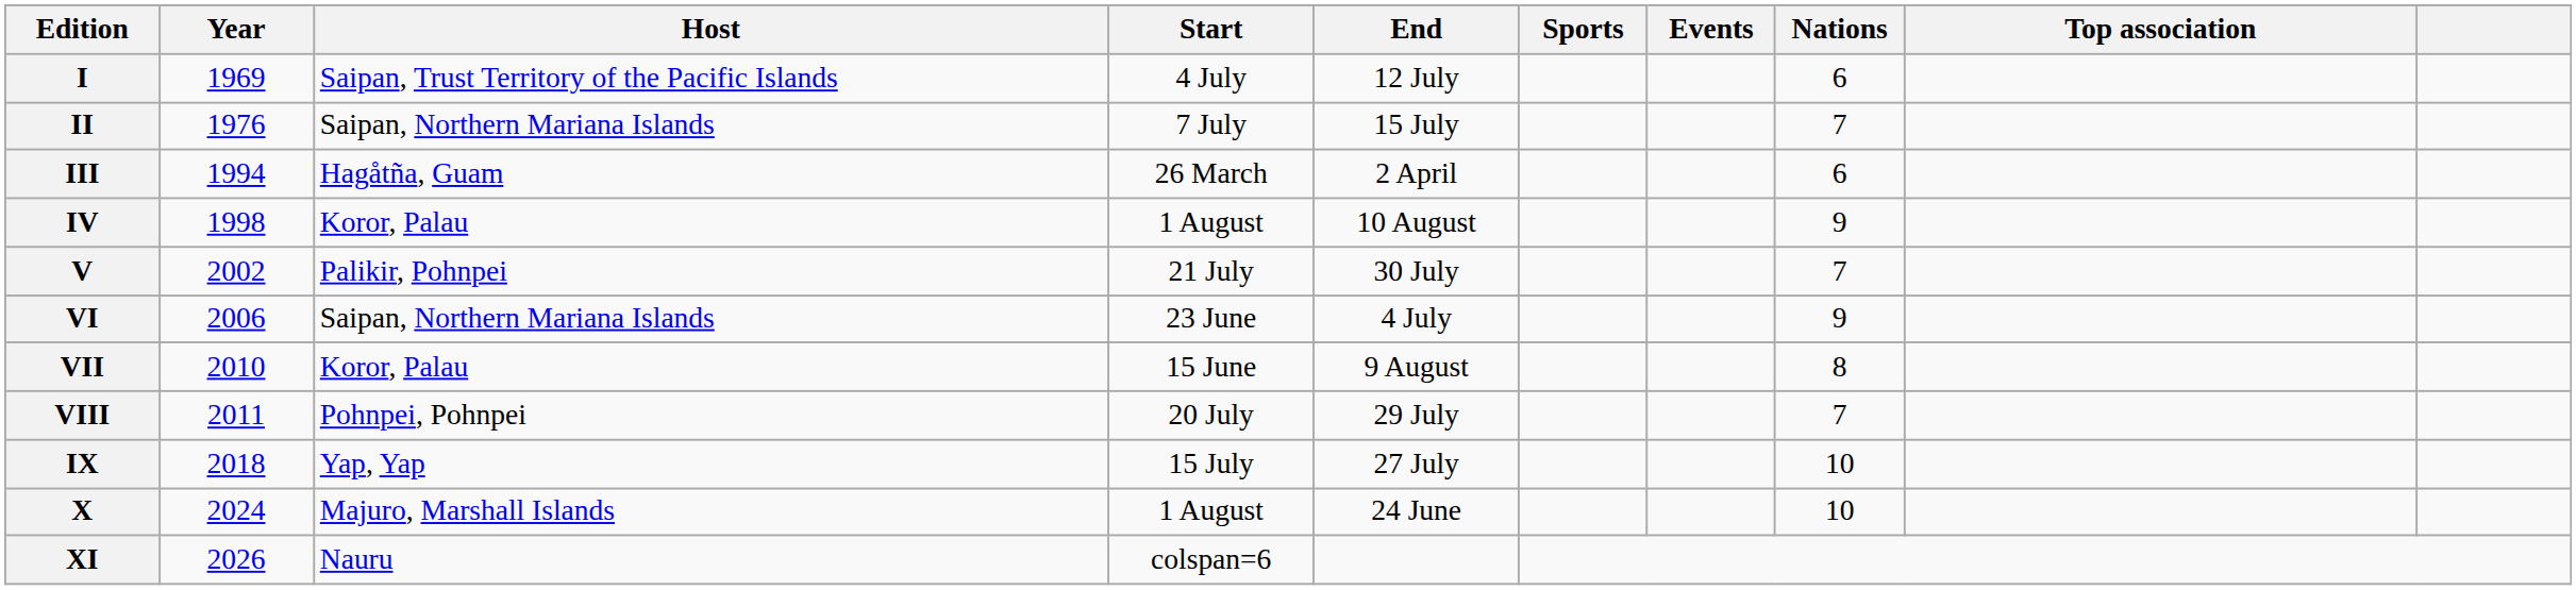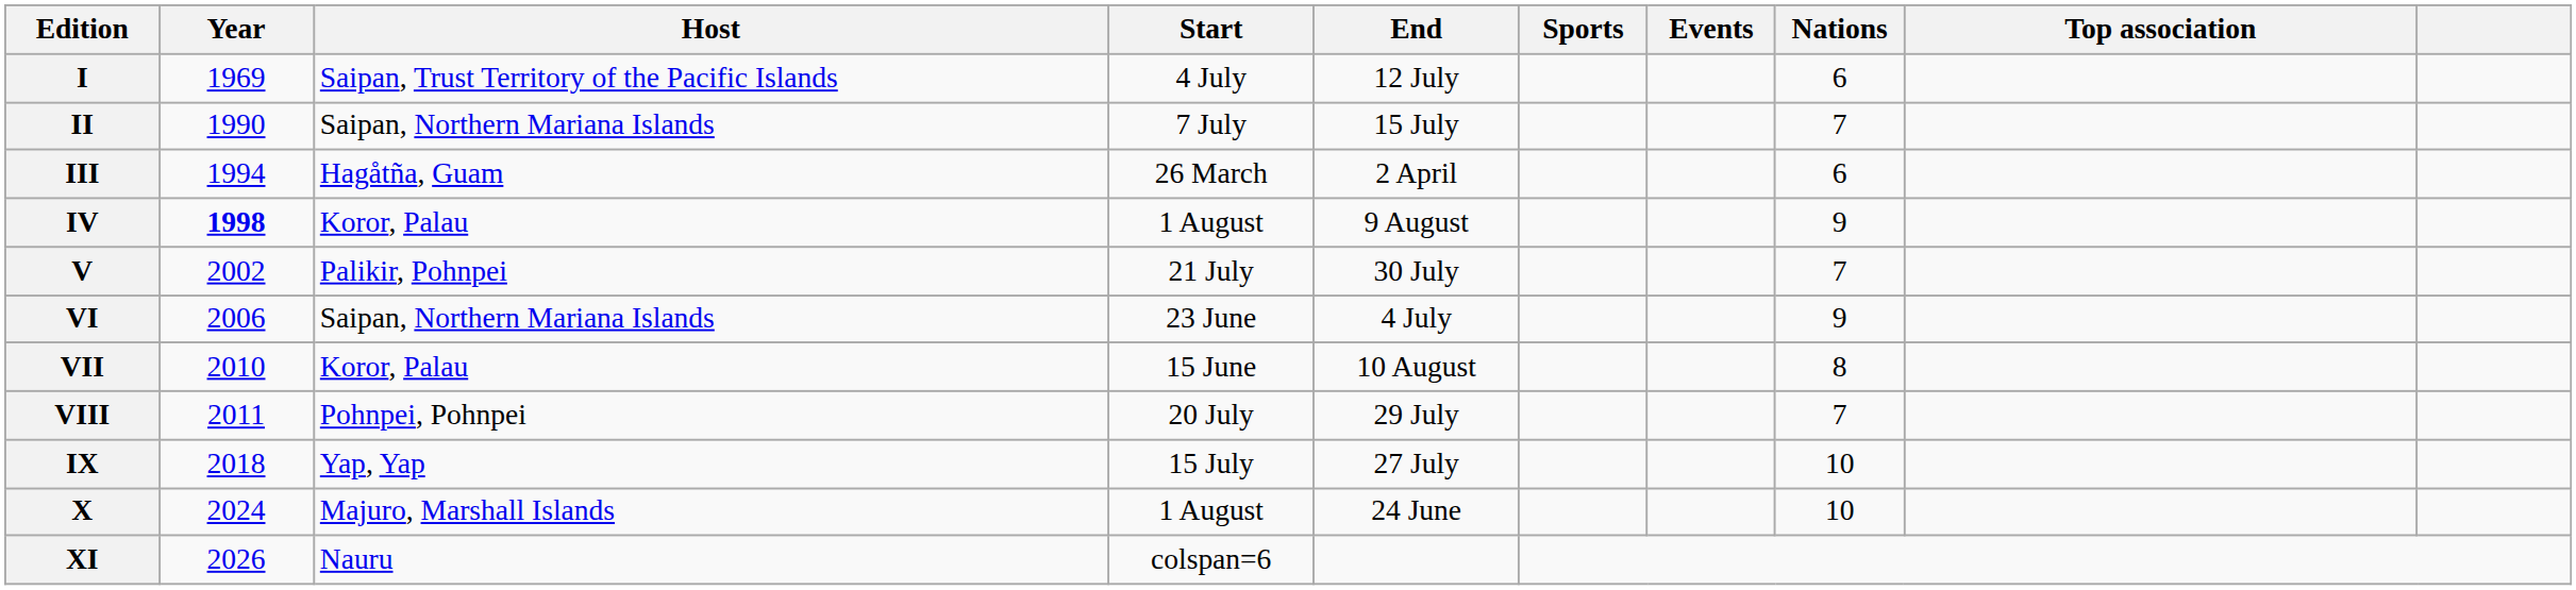 <table class="wikitable" style="font-size:90%; text-align:center; width:100%;">
 <tr>
 <th style="width:06%">Edition</th>
 <th style="width:06%">Year</th>
 <th style="width:31%">Host</th>
 <th style="width:08%">Start</th>
 <th style="width:08%">End</th>
 <th style="width:05%">Sports</th>
 <th style="width:05%">Events</th>
 <th style="width:05%">Nations</th>
 <th style="width:20%">Top association</th>
 <th style="width:08%"></th>
 </tr>
 <tr>
 <th>I</th>
 <td><a href='#'>1969</a></td>
 <td style="text-align:left;"> <a href='#'>Saipan</a>, <a href='#'>Trust Territory of the Pacific Islands</a></td>
 <td>4 July</td>
 <td>12 July</td>
 <td></td>
 <td></td>
 <td>6</td>
 <td style="text-align:left;"></td>
 <td></td>
 </tr>
 <tr>
 <th>II</th>
-<td><a href='#'>1976</a></td>
+<td><a href='#'>1990</a></td>
 <td style="text-align:left;"> Saipan, <a href='#'>Northern Mariana Islands</a></td>
 <td>7 July</td>
 <td>15 July</td>
 <td></td>
 <td></td>
 <td>7</td>
 <td style="text-align:left;"></td>
 <td></td>
 </tr>
 <tr>
 <th>III</th>
 <td><a href='#'>1994</a></td>
 <td style="text-align:left;"> <a href='#'>Hagåtña</a>, <a href='#'>Guam</a></td>
 <td>26 March</td>
 <td>2 April</td>
 <td></td>
 <td></td>
 <td>6</td>
 <td style="text-align:left;"></td>
 <td></td>
 </tr>
 <tr>
 <th>IV</th>
-<td><a href='#'>1998</a></td>
+<td><strong><a href='#'>1998</a></strong></td>
 <td style="text-align:left;"> <a href='#'>Koror</a>, <a href='#'>Palau</a></td>
 <td>1 August</td>
-<td>10 August</td>
+<td>9 August</td>
 <td></td>
 <td></td>
 <td>9</td>
 <td style="text-align:left;"></td>
 <td></td>
 </tr>
 <tr>
 <th>V</th>
 <td><a href='#'>2002</a></td>
 <td style="text-align:left;"> <a href='#'>Palikir</a>, <a href='#'>Pohnpei</a></td>
 <td>21 July</td>
 <td>30 July</td>
 <td></td>
 <td></td>
 <td>7</td>
 <td style="text-align:left;"></td>
 <td></td>
 </tr>
 <tr>
 <th>VI</th>
 <td><a href='#'>2006</a></td>
 <td style="text-align:left;"> Saipan, <a href='#'>Northern Mariana Islands</a></td>
 <td>23 June</td>
 <td>4 July</td>
 <td></td>
 <td></td>
 <td>9</td>
 <td style="text-align:left;"></td>
 <td></td>
 </tr>
 <tr>
 <th>VII</th>
 <td><a href='#'>2010</a></td>
 <td style="text-align:left;"> <a href='#'>Koror</a>, <a href='#'>Palau</a></td>
 <td>15 June</td>
-<td>9 August</td>
+<td>10 August</td>
 <td></td>
 <td></td>
 <td>8</td>
 <td style="text-align:left;"></td>
 <td></td>
 </tr>
 <tr>
 <th>VIII</th>
 <td><a href='#'>2011</a></td>
 <td style="text-align:left;"> <a href='#'>Pohnpei</a>, Pohnpei</td>
 <td>20 July</td>
 <td>29 July</td>
 <td></td>
 <td></td>
 <td>7</td>
 <td style="text-align:left;"></td>
 <td></td>
 </tr>
 <tr>
 <th>IX</th>
 <td><a href='#'>2018</a></td>
 <td style="text-align:left;"> <a href='#'>Yap</a>, <a href='#'>Yap</a></td>
 <td>15 July</td>
 <td>27 July</td>
 <td></td>
 <td></td>
 <td>10</td>
 <td style="text-align:left;"></td>
 <td></td>
 </tr>
 <tr>
 <th>X</th>
 <td><a href='#'>2024</a></td>
 <td style="text-align:left;"> <a href='#'>Majuro</a>, <a href='#'>Marshall Islands</a></td>
 <td>1 August</td>
 <td>24 June</td>
 <td></td>
 <td></td>
 <td>10</td>
 <td style="text-align:left;"></td>
 <td></td>
 </tr>
 <tr>
 <th>XI</th>
 <td><a href='#'>2026</a></td>
 <td style="text-align:left;"> <a href='#'>Nauru</a></td>
 <td>colspan=6 </td>
 <td></td>
 </tr>
 </table>
